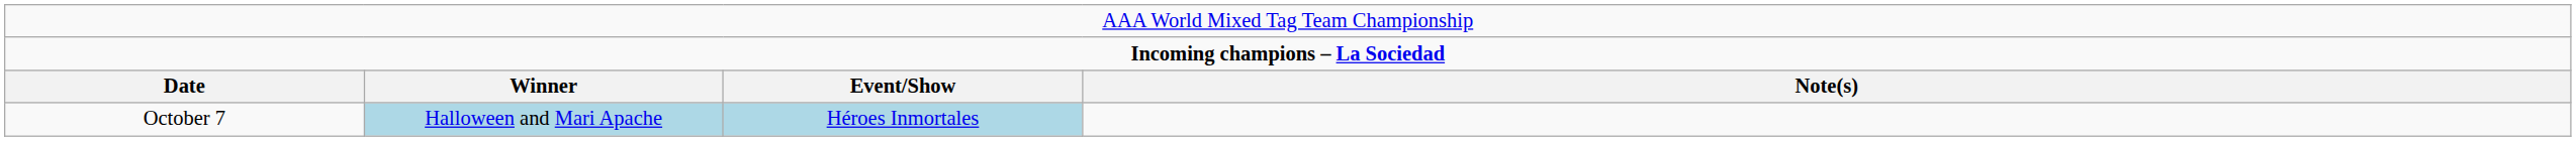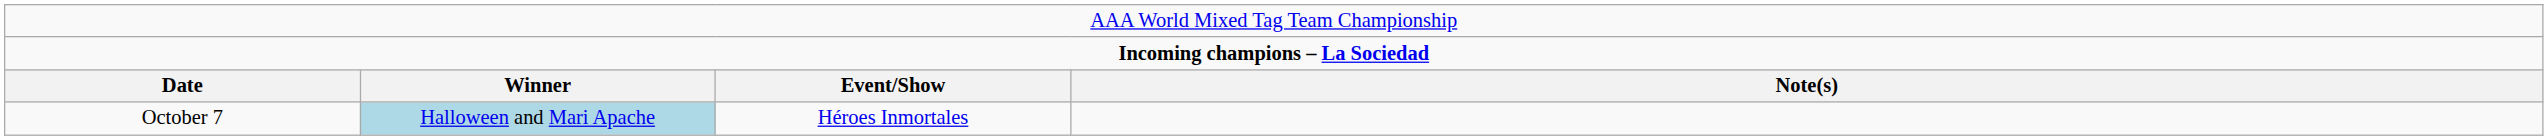 <table class="wikitable" style="text-align:center; width:100%;">
 <tr>
 <td colspan="5"><a href='#'>AAA World Mixed Tag Team Championship</a></td>
 </tr>
 <tr>
 <td colspan="5"><strong>Incoming champions – <a href='#'>La Sociedad</a> </strong></td>
 </tr>
 <tr>
 <th width="14%">Date</th>
 <th width="14%">Winner</th>
 <th width="14%">Event/Show</th>
 <th width="58%">Note(s)</th>
 </tr>
 <tr>
 <td>October 7</td>
 <td style="background: lightblue;"><a href='#'>Halloween</a> and <a href='#'>Mari Apache</a></td>
-<td style="background: lightblue;"><a href='#'>Héroes Inmortales</a></td>
+<td><a href='#'>Héroes Inmortales</a></td>
 <td align="left"></td>
 </tr>
 </table>
